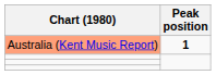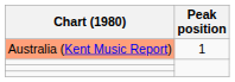 <table class="wikitable sortable">
 <tr>
 <th>Chart (1980)</th>
 <th>Peak<br>position</th>
 </tr>
 <tr>
 <td style="background: lightsalmon;">Australia (<a href='#'>Kent Music Report</a>)</td>
-<td align="center"><strong>1</strong></td>
+<td align="center">1</td>
 </tr>
 <tr>
 <td></td>
 </tr>
 <tr>
 <td></td>
 </tr>
 <tr>
 <td></td>
 </tr>
 </table>
